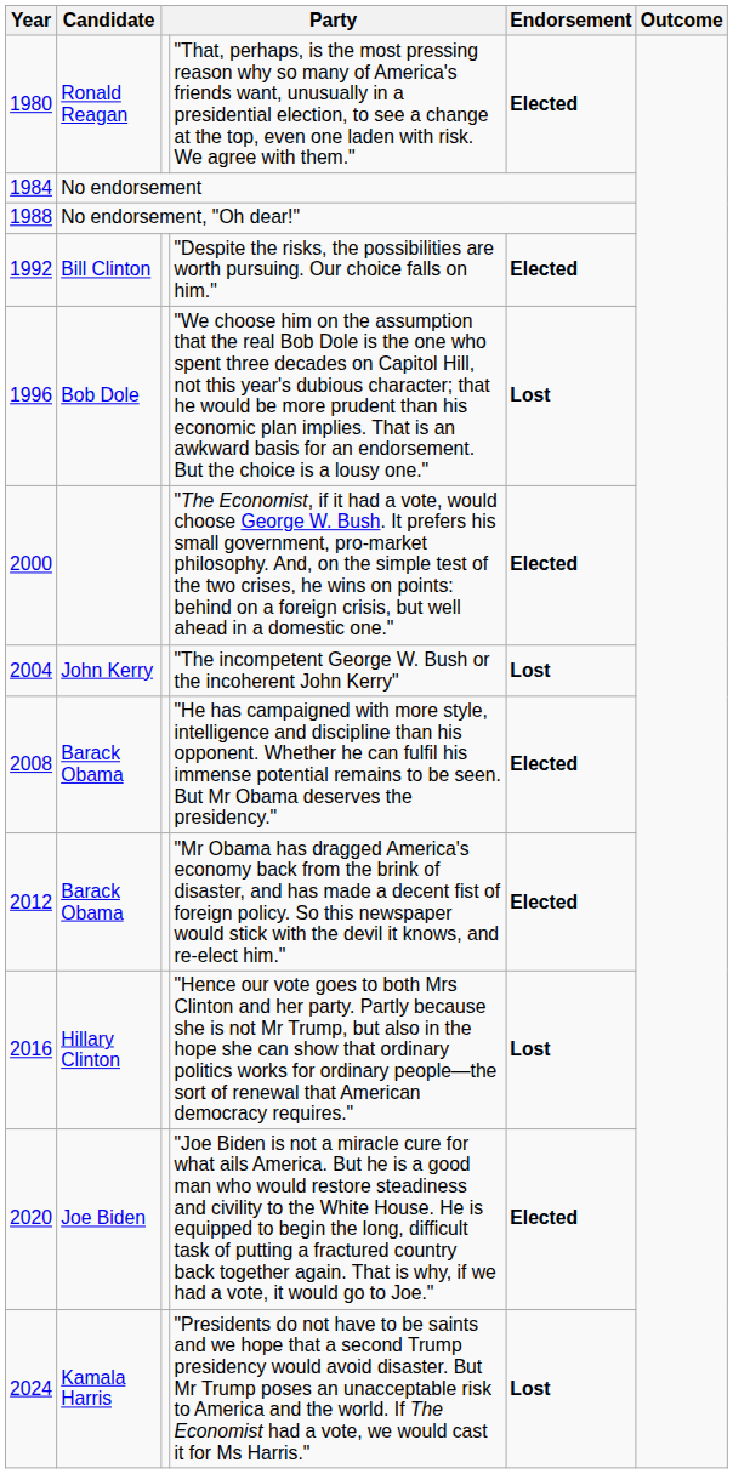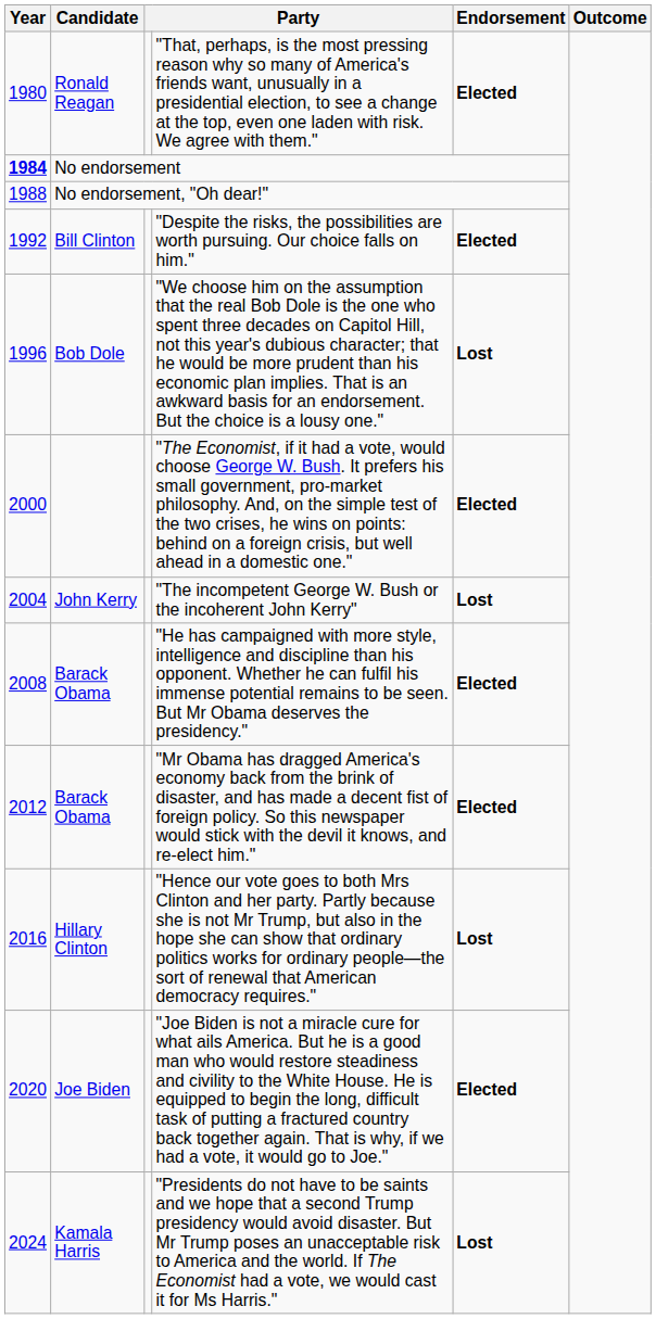 <table class=wikitable |->
 <tr>
 <th>Year</th>
 <th>Candidate</th>
 <th colspan=2>Party</th>
 <th>Endorsement</th>
 <th>Outcome</th>
 </tr>
 <tr>
 <td><a href='#'>1980</a></td>
 <td><a href='#'>Ronald Reagan</a></td>
 <td></td>
 <td>"That, perhaps, is the most pressing reason why so many of America's friends want, unusually in a presidential election, to see a change at the top, even one laden with risk. We agree with them."</td>
 <td><strong>Elected</strong> </td>
 </tr>
 <tr>
-<td><a href='#'>1984</a></td>
+<td><strong><a href='#'>1984</a></strong></td>
 <td colspan=4>No endorsement</td>
 </tr>
 <tr>
 <td><a href='#'>1988</a></td>
 <td colspan=4>No endorsement, "Oh dear!"</td>
 </tr>
 <tr>
 <td><a href='#'>1992</a></td>
 <td><a href='#'>Bill Clinton</a></td>
 <td></td>
 <td>"Despite the risks, the possibilities are worth pursuing. Our choice falls on him."</td>
 <td><strong>Elected</strong> </td>
 </tr>
 <tr>
 <td><a href='#'>1996</a></td>
 <td><a href='#'>Bob Dole</a></td>
 <td></td>
 <td>"We choose him on the assumption that the real Bob Dole is the one who spent three decades on Capitol Hill, not this year's dubious character; that he would be more prudent than his economic plan implies. That is an awkward basis for an endorsement. But the choice is a lousy one."</td>
 <td><strong>Lost</strong> </td>
 </tr>
 <tr>
 <td><a href='#'>2000</a></td>
 <td></td>
 <td></td>
 <td>"<em>The Economist</em>, if it had a vote, would choose <a href='#'>George W. Bush</a>. It prefers his small government, pro-market philosophy. And, on the simple test of the two crises, he wins on points: behind on a foreign crisis, but well ahead in a domestic one."</td>
 <td><strong>Elected</strong> </td>
 </tr>
 <tr>
 <td><a href='#'>2004</a></td>
 <td><a href='#'>John Kerry</a></td>
 <td></td>
 <td>"The incompetent George W. Bush or the incoherent John Kerry"</td>
 <td><strong>Lost</strong> </td>
 </tr>
 <tr>
 <td><a href='#'>2008</a></td>
 <td><a href='#'>Barack Obama</a></td>
 <td></td>
 <td>"He has campaigned with more style, intelligence and discipline than his opponent. Whether he can fulfil his immense potential remains to be seen. But Mr Obama deserves the presidency."</td>
 <td><strong>Elected</strong> </td>
 </tr>
 <tr>
 <td><a href='#'>2012</a></td>
 <td><a href='#'>Barack Obama</a></td>
 <td></td>
 <td>"Mr Obama has dragged America's economy back from the brink of disaster, and has made a decent fist of foreign policy. So this newspaper would stick with the devil it knows, and re-elect him."</td>
 <td><strong>Elected</strong> </td>
 </tr>
 <tr>
 <td><a href='#'>2016</a></td>
 <td><a href='#'>Hillary Clinton</a></td>
 <td></td>
 <td>"Hence our vote goes to both Mrs Clinton and her party. Partly because she is not Mr Trump, but also in the hope she can show that ordinary politics works for ordinary people—the sort of renewal that American democracy requires."</td>
 <td><strong>Lost</strong> </td>
 </tr>
 <tr>
 <td><a href='#'>2020</a></td>
 <td><a href='#'>Joe Biden</a></td>
 <td></td>
 <td>"Joe Biden is not a miracle cure for what ails America. But he is a good man who would restore steadiness and civility to the White House. He is equipped to begin the long, difficult task of putting a fractured country back together again. That is why, if we had a vote, it would go to Joe."</td>
 <td><strong>Elected</strong> </td>
 </tr>
 <tr>
 <td><a href='#'>2024</a></td>
 <td><a href='#'>Kamala Harris</a></td>
 <td></td>
 <td>"Presidents do not have to be saints and we hope that a second Trump presidency would avoid disaster. But Mr Trump poses an unacceptable risk to America and the world. If <em>The Economist</em> had a vote, we would cast it for Ms Harris."</td>
 <td><strong>Lost</strong> </td>
 </tr>
 </table>
